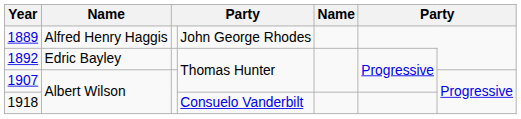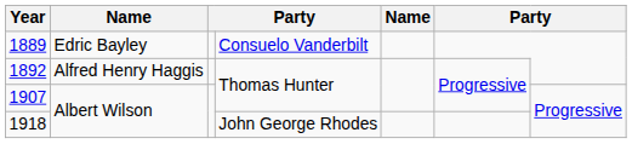 <table class="wikitable">
 <tr>
 <th>Year</th>
 <th>Name</th>
 <th colspan=2>Party</th>
 <th>Name</th>
 <th colspan=2>Party</th>
 </tr>
 <tr>
 <td><a href='#'>1889</a></td>
-<td>Alfred Henry Haggis</td>
+<td>Edric Bayley</td>
 <td></td>
-<td>John George Rhodes</td>
+<td><a href='#'>Consuelo Vanderbilt</a></td>
 <td></td>
 </tr>
 <tr>
 <td><a href='#'>1892</a></td>
-<td>Edric Bayley</td>
+<td>Alfred Henry Haggis</td>
 <td></td>
 <td rowspan=2>Thomas Hunter</td>
 <td rowspan=2 style="background-color: "></td>
 <td rowspan=2><a href='#'>Progressive</a></td>
 </tr>
 <tr>
 <td><a href='#'>1907</a></td>
 <td rowspan=2>Albert Wilson</td>
 <td rowspan=2 style="background-color: "></td>
 <td rowspan=2><a href='#'>Progressive</a></td>
 </tr>
 <tr>
 <td>1918</td>
-<td><a href='#'>Consuelo Vanderbilt</a></td>
+<td>John George Rhodes</td>
 <td></td>
 </tr>
 </table>
